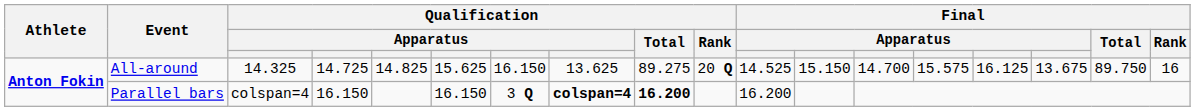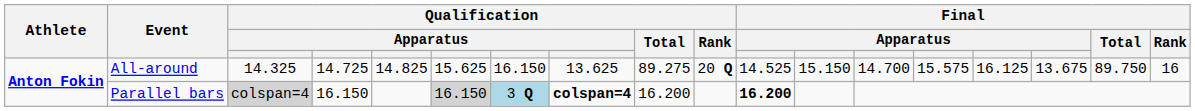 <table class="wikitable" style="font-size:90%">
 <tr>
 <th rowspan=3>Athlete</th>
 <th rowspan=3>Event</th>
 <th colspan =8>Qualification</th>
 <th colspan =8>Final</th>
 </tr>
 <tr style="font-size:95%">
 <th colspan=6>Apparatus</th>
 <th rowspan=2>Total</th>
 <th rowspan=2>Rank</th>
 <th colspan=6>Apparatus</th>
 <th rowspan=2>Total</th>
 <th rowspan=2>Rank</th>
 </tr>
 <tr style="font-size:95%">
 <th></th>
 <th></th>
 <th></th>
 <th></th>
 <th></th>
 <th></th>
 <th></th>
 <th></th>
 <th></th>
 <th></th>
 <th></th>
 <th></th>
 </tr>
 <tr align=center>
 <td align=left rowspan=2><strong><a href='#'>Anton Fokin</a></strong></td>
 <td align=left><a href='#'>All-around</a></td>
 <td>14.325</td>
 <td>14.725</td>
 <td>14.825</td>
 <td>15.625</td>
 <td>16.150</td>
 <td>13.625</td>
 <td>89.275</td>
 <td>20 <strong>Q</strong></td>
 <td>14.525</td>
 <td>15.150</td>
 <td>14.700</td>
 <td>15.575</td>
 <td>16.125</td>
 <td>13.675</td>
 <td>89.750</td>
 <td>16</td>
 </tr>
 <tr align=center>
 <td align=left><a href='#'>Parallel bars</a></td>
-<td>colspan=4 </td>
+<td style="background: lightgrey;">colspan=4 </td>
 <td>16.150</td>
 <td></td>
-<td>16.150</td>
-<td>3 <strong>Q</strong></td>
+<td style="background: lightgrey;">16.150</td>
+<td style="background: lightblue;">3 <strong>Q</strong></td>
 <td><strong>colspan=4 </strong></td>
+<td>16.200</td>
+<td></td>
 <td><strong>16.200</strong></td>
-<td></td>
-<td>16.200</td>
 <td></td>
 </tr>
 </table>
